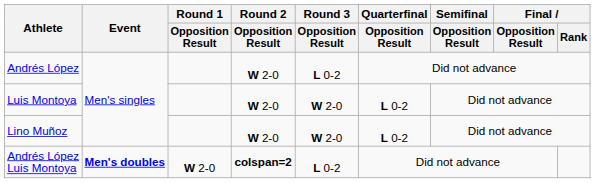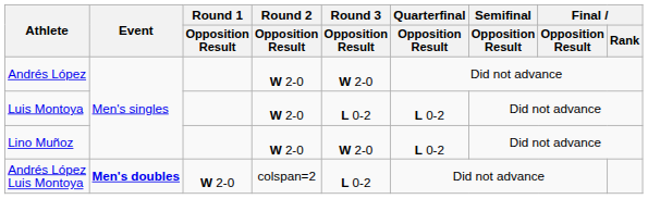 <table class=wikitable style=font-size:90%;text-align:center>
 <tr>
 <th rowspan=2>Athlete</th>
 <th rowspan=2>Event</th>
 <th>Round 1</th>
 <th>Round 2</th>
 <th>Round 3</th>
 <th>Quarterfinal</th>
 <th>Semifinal</th>
 <th colspan=2>Final / </th>
 </tr>
 <tr style=font-size:95%>
 <th>Opposition<br>Result</th>
 <th>Opposition<br>Result</th>
 <th>Opposition<br>Result</th>
 <th>Opposition<br>Result</th>
 <th>Opposition<br>Result</th>
 <th>Opposition<br>Result</th>
 <th>Rank</th>
 </tr>
 <tr>
 <td align=left><a href='#'>Andrés López</a></td>
 <td align=left rowspan=3><a href='#'>Men's singles</a></td>
 <td></td>
 <td><br><strong>W</strong> 2-0</td>
-<td><br><strong>L</strong> 0-2</td>
+<td><br><strong>W</strong> 2-0</td>
 <td colspan=4>Did not advance</td>
 </tr>
 <tr>
 <td align=left><a href='#'>Luis Montoya</a></td>
 <td></td>
 <td><br><strong>W</strong> 2-0</td>
-<td><br><strong>W</strong> 2-0</td>
+<td><br><strong>L</strong> 0-2</td>
 <td><br><strong>L</strong> 0-2</td>
 <td colspan=3>Did not advance</td>
 </tr>
 <tr>
 <td align=left><a href='#'>Lino Muñoz</a></td>
 <td></td>
 <td><br><strong>W</strong> 2-0</td>
 <td><br><strong>W</strong> 2-0</td>
 <td><br><strong>L</strong> 0-2</td>
 <td colspan=3>Did not advance</td>
 </tr>
 <tr>
 <td align=left><a href='#'>Andrés López</a><br><a href='#'>Luis Montoya</a></td>
 <td align=left><strong><a href='#'>Men's doubles</a></strong></td>
 <td><br><strong>W</strong> 2-0</td>
-<td><strong>colspan=2 </strong></td>
+<td>colspan=2 </td>
 <td><br><strong>L</strong> 0-2</td>
 <td colspan=3>Did not advance</td>
 </tr>
 </table>
